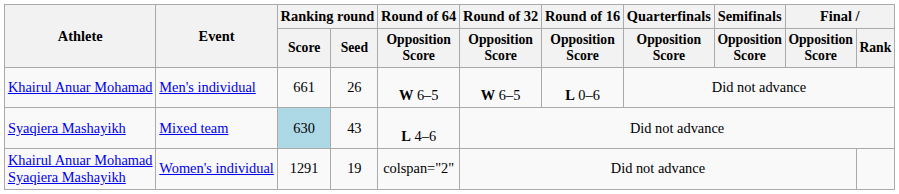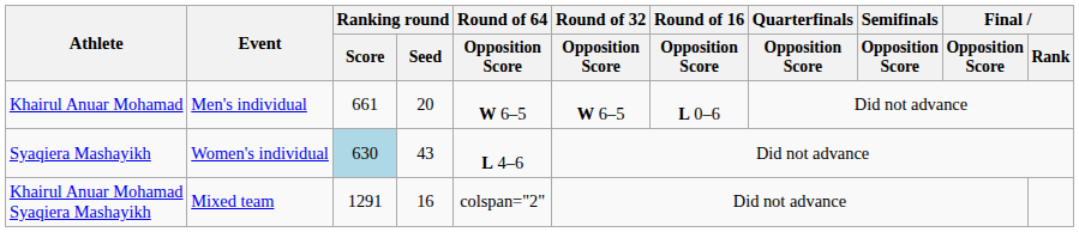 <table class="wikitable" style="font-size:90%; text-align:center">
 <tr>
 <th rowspan=2>Athlete</th>
 <th rowspan=2>Event</th>
 <th colspan="2">Ranking round</th>
 <th>Round of 64</th>
 <th>Round of 32</th>
 <th>Round of 16</th>
 <th>Quarterfinals</th>
 <th>Semifinals</th>
 <th colspan="2">Final / </th>
 </tr>
 <tr style="font-size:95%">
 <th>Score</th>
 <th>Seed</th>
 <th>Opposition<br>Score</th>
 <th>Opposition<br>Score</th>
 <th>Opposition<br>Score</th>
 <th>Opposition<br>Score</th>
 <th>Opposition<br>Score</th>
 <th>Opposition<br>Score</th>
 <th>Rank</th>
 </tr>
 <tr align=center>
 <td align=left><a href='#'>Khairul Anuar Mohamad</a></td>
 <td align=left><a href='#'>Men's individual</a></td>
 <td>661</td>
-<td>26</td>
+<td>20</td>
 <td> <br><strong>W</strong> 6–5</td>
 <td> <br><strong>W</strong> 6–5</td>
 <td> <br><strong>L</strong> 0–6</td>
 <td colspan="4">Did not advance</td>
 </tr>
 <tr align=center>
 <td align=left><a href='#'>Syaqiera Mashayikh</a></td>
-<td align="left"><a href='#'>Mixed team</a></td>
+<td align=left><a href='#'>Women's individual</a></td>
 <td style="background: lightblue;">630</td>
 <td>43</td>
 <td><br><strong>L</strong> 4–6</td>
 <td colspan=6>Did not advance</td>
 </tr>
 <tr>
 <td align="left"><a href='#'>Khairul Anuar Mohamad</a><br><a href='#'>Syaqiera Mashayikh</a></td>
-<td align=left><a href='#'>Women's individual</a></td>
+<td align="left"><a href='#'>Mixed team</a></td>
 <td>1291</td>
-<td>19</td>
+<td>16</td>
 <td>colspan="2" </td>
 <td colspan=5>Did not advance</td>
 </tr>
 </table>
